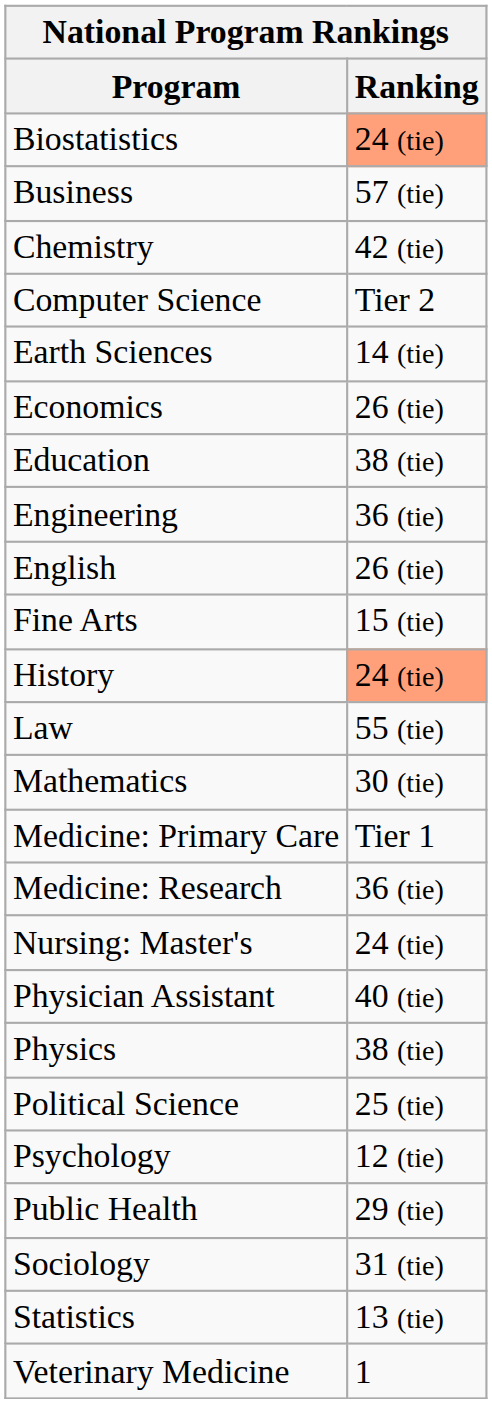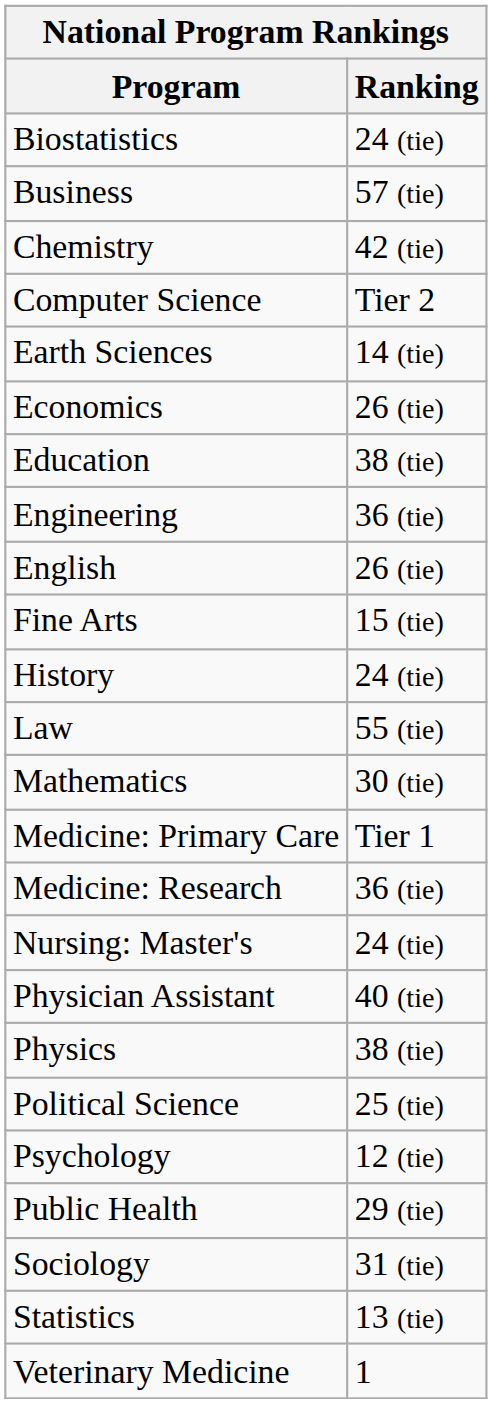 <table class="wikitable sortable collapsible collapsed" style="float:right" "text-align:center">
 <tr>
 <th colspan=4>National Program Rankings</th>
 </tr>
 <tr>
 <th>Program</th>
 <th>Ranking</th>
 </tr>
 <tr>
 <td>Biostatistics</td>
-<td style="background: lightsalmon;">24 <small>(tie)</small></td>
+<td>24 <small>(tie)</small></td>
 </tr>
 <tr>
 <td>Business</td>
 <td>57 <small>(tie)</small></td>
 </tr>
 <tr>
 <td>Chemistry</td>
 <td>42 <small>(tie)</small></td>
 </tr>
 <tr>
 <td>Computer Science</td>
 <td>Tier 2</td>
 </tr>
 <tr>
 <td>Earth Sciences</td>
 <td>14 <small>(tie)</small></td>
 </tr>
 <tr>
 <td>Economics</td>
 <td>26 <small>(tie)</small></td>
 </tr>
 <tr>
 <td>Education</td>
 <td>38 <small>(tie)</small></td>
 </tr>
 <tr>
 <td>Engineering</td>
 <td>36 <small>(tie)</small></td>
 </tr>
 <tr>
 <td>English</td>
 <td>26 <small>(tie)</small></td>
 </tr>
 <tr>
 <td>Fine Arts</td>
 <td>15 <small>(tie)</small></td>
 </tr>
 <tr>
 <td>History</td>
-<td style="background: lightsalmon;">24 <small>(tie)</small></td>
+<td>24 <small>(tie)</small></td>
 </tr>
 <tr>
 <td>Law</td>
 <td>55 <small>(tie)</small></td>
 </tr>
 <tr>
 <td>Mathematics</td>
 <td>30 <small>(tie)</small></td>
 </tr>
 <tr>
 <td>Medicine: Primary Care</td>
 <td>Tier 1</td>
 </tr>
 <tr>
 <td>Medicine: Research</td>
 <td>36 <small>(tie)</small></td>
 </tr>
 <tr>
 <td>Nursing: Master's</td>
 <td>24 <small>(tie)</small></td>
 </tr>
 <tr>
 <td>Physician Assistant</td>
 <td>40 <small>(tie)</small></td>
 </tr>
 <tr>
 <td>Physics</td>
 <td>38 <small>(tie)</small></td>
 </tr>
 <tr>
 <td>Political Science</td>
 <td>25 <small>(tie)</small></td>
 </tr>
 <tr>
 <td>Psychology</td>
 <td>12 <small>(tie)</small></td>
 </tr>
 <tr>
 <td>Public Health</td>
 <td>29 <small>(tie)</small></td>
 </tr>
 <tr>
 <td>Sociology</td>
 <td>31 <small>(tie)</small></td>
 </tr>
 <tr>
 <td>Statistics</td>
 <td>13 <small>(tie)</small></td>
 </tr>
 <tr>
 <td>Veterinary Medicine</td>
 <td>1</td>
 </tr>
 </table>
